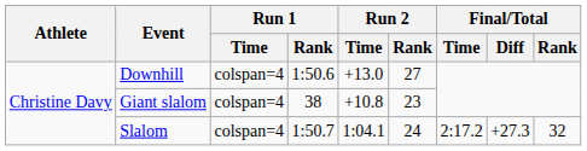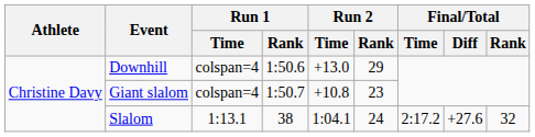 <table class="wikitable" style="font-size:90%">
 <tr>
 <th rowspan="2">Athlete</th>
 <th rowspan="2">Event</th>
 <th colspan="2">Run 1</th>
 <th colspan="2">Run 2</th>
 <th colspan="3">Final/Total</th>
 </tr>
 <tr>
 <th>Time</th>
 <th>Rank</th>
 <th>Time</th>
 <th>Rank</th>
 <th>Time</th>
 <th>Diff</th>
 <th>Rank</th>
 </tr>
 <tr align="center">
 <td align="left" rowspan=3><a href='#'>Christine Davy</a></td>
 <td align="left"><a href='#'>Downhill</a></td>
 <td>colspan=4 </td>
 <td>1:50.6</td>
 <td>+13.0</td>
-<td>27</td>
+<td>29</td>
 </tr>
 <tr align="center">
 <td align="left"><a href='#'>Giant slalom</a></td>
 <td>colspan=4 </td>
-<td>38</td>
+<td>1:50.7</td>
 <td>+10.8</td>
 <td>23</td>
 </tr>
 <tr align="center">
 <td align="left"><a href='#'>Slalom</a></td>
-<td>colspan=4 </td>
-<td>1:50.7</td>
+<td>1:13.1</td>
+<td>38</td>
 <td>1:04.1</td>
 <td>24</td>
 <td>2:17.2</td>
-<td>+27.3</td>
+<td>+27.6</td>
 <td>32</td>
 </tr>
 </table>
